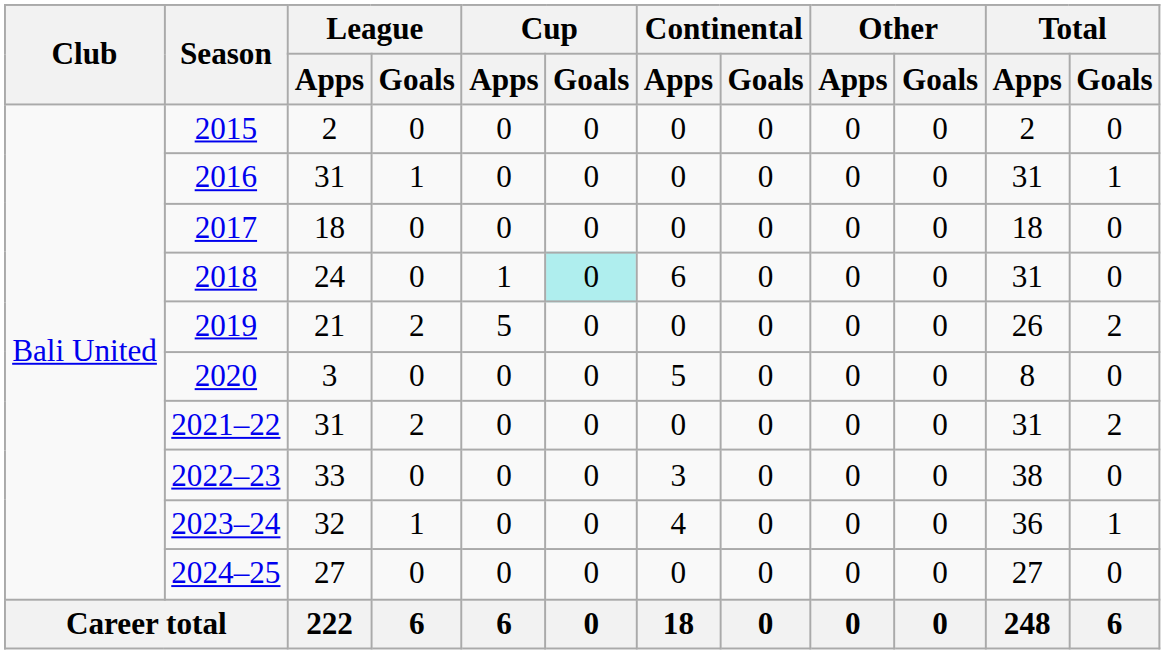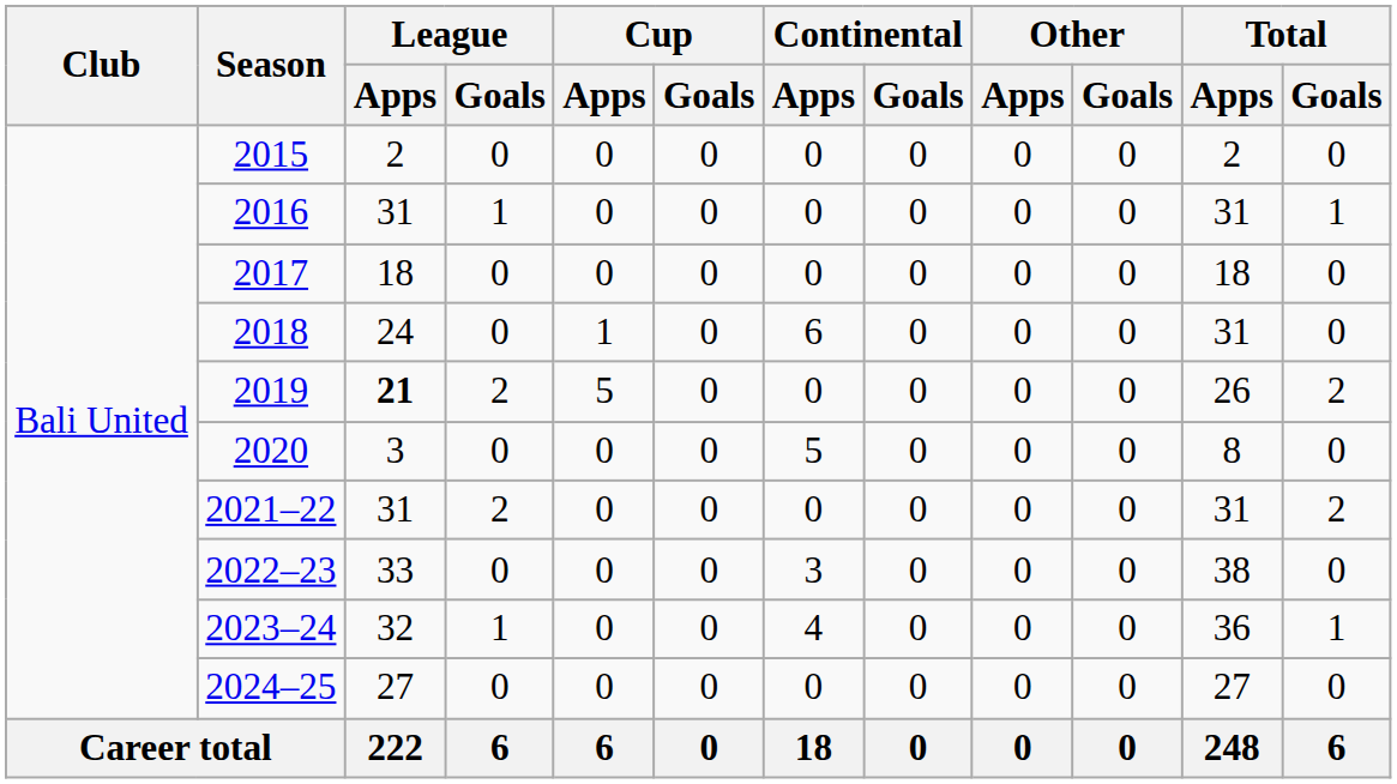 <table class="wikitable" style="text-align:center">
 <tr>
 <th rowspan="2">Club</th>
 <th rowspan="2">Season</th>
 <th colspan="2">League</th>
 <th colspan="2">Cup</th>
 <th colspan="2">Continental</th>
 <th colspan="2">Other</th>
 <th colspan="2">Total</th>
 </tr>
 <tr>
 <th>Apps</th>
 <th>Goals</th>
 <th>Apps</th>
 <th>Goals</th>
 <th>Apps</th>
 <th>Goals</th>
 <th>Apps</th>
 <th>Goals</th>
 <th>Apps</th>
 <th>Goals</th>
 </tr>
 <tr>
 <td rowspan="10" valign="center"><a href='#'>Bali United</a></td>
 <td><a href='#'>2015</a></td>
 <td>2</td>
 <td>0</td>
 <td>0</td>
 <td>0</td>
 <td>0</td>
 <td>0</td>
 <td>0</td>
 <td>0</td>
 <td>2</td>
 <td>0</td>
 </tr>
 <tr>
 <td><a href='#'>2016</a></td>
 <td>31</td>
 <td>1</td>
 <td>0</td>
 <td>0</td>
 <td>0</td>
 <td>0</td>
 <td>0</td>
 <td>0</td>
 <td>31</td>
 <td>1</td>
 </tr>
 <tr>
 <td><a href='#'>2017</a></td>
 <td>18</td>
 <td>0</td>
 <td>0</td>
 <td>0</td>
 <td>0</td>
 <td>0</td>
 <td>0</td>
 <td>0</td>
 <td>18</td>
 <td>0</td>
 </tr>
 <tr>
 <td><a href='#'>2018</a></td>
 <td>24</td>
 <td>0</td>
 <td>1</td>
-<td style="background: paleturquoise;">0</td>
+<td>0</td>
 <td>6</td>
 <td>0</td>
 <td>0</td>
 <td>0</td>
 <td>31</td>
 <td>0</td>
 </tr>
 <tr>
 <td><a href='#'>2019</a></td>
-<td>21</td>
+<td><strong>21</strong></td>
 <td>2</td>
 <td>5</td>
 <td>0</td>
 <td>0</td>
 <td>0</td>
 <td>0</td>
 <td>0</td>
 <td>26</td>
 <td>2</td>
 </tr>
 <tr>
 <td><a href='#'>2020</a></td>
 <td>3</td>
 <td>0</td>
 <td>0</td>
 <td>0</td>
 <td>5</td>
 <td>0</td>
 <td>0</td>
 <td>0</td>
 <td>8</td>
 <td>0</td>
 </tr>
 <tr>
 <td><a href='#'>2021–22</a></td>
 <td>31</td>
 <td>2</td>
 <td>0</td>
 <td>0</td>
 <td>0</td>
 <td>0</td>
 <td>0</td>
 <td>0</td>
 <td>31</td>
 <td>2</td>
 </tr>
 <tr>
 <td><a href='#'>2022–23</a></td>
 <td>33</td>
 <td>0</td>
 <td>0</td>
 <td>0</td>
 <td>3</td>
 <td>0</td>
 <td>0</td>
 <td>0</td>
 <td>38</td>
 <td>0</td>
 </tr>
 <tr>
 <td><a href='#'>2023–24</a></td>
 <td>32</td>
 <td>1</td>
 <td>0</td>
 <td>0</td>
 <td>4</td>
 <td>0</td>
 <td>0</td>
 <td>0</td>
 <td>36</td>
 <td>1</td>
 </tr>
 <tr>
 <td><a href='#'>2024–25</a></td>
 <td>27</td>
 <td>0</td>
 <td>0</td>
 <td>0</td>
 <td>0</td>
 <td>0</td>
 <td>0</td>
 <td>0</td>
 <td>27</td>
 <td>0</td>
 </tr>
 <tr>
 <th colspan="2">Career total</th>
 <th>222</th>
 <th>6</th>
 <th>6</th>
 <th>0</th>
 <th>18</th>
 <th>0</th>
 <th>0</th>
 <th>0</th>
 <th>248</th>
 <th>6</th>
 </tr>
 </table>
